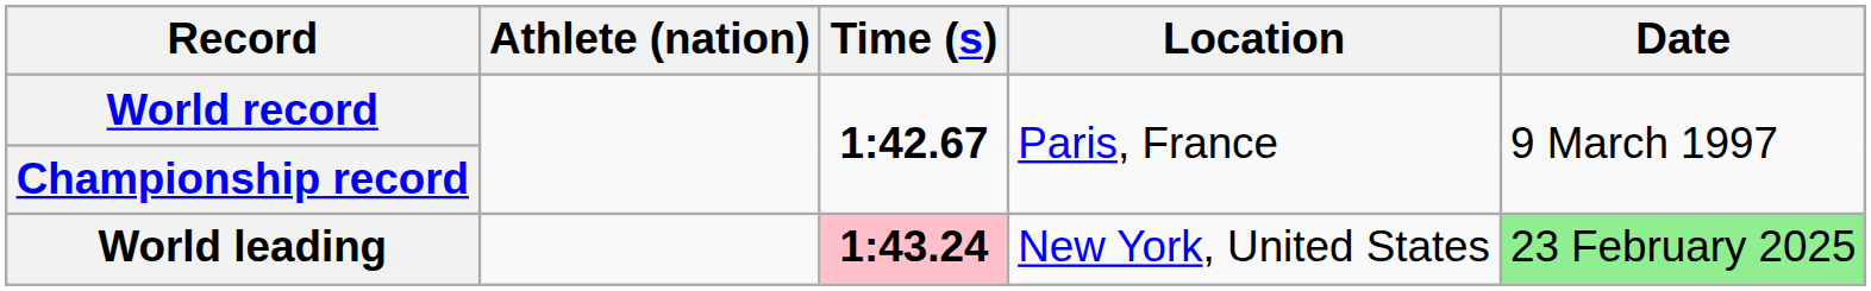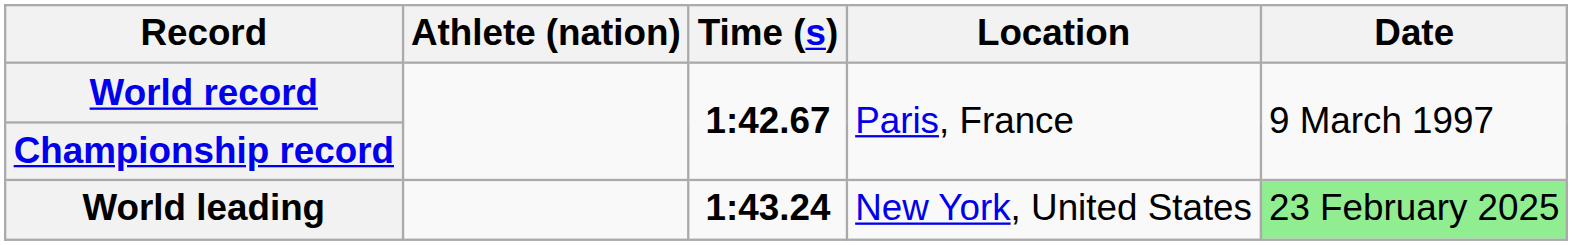 <table class="wikitable">
 <tr>
 <th scope="col">Record</th>
 <th scope="col">Athlete (nation)</th>
 <th scope="col">Time (<a href='#'>s</a>)</th>
 <th scope="col">Location</th>
 <th scope="col">Date</th>
 </tr>
 <tr>
 <th scope="row"><a href='#'>World record</a></th>
 <td rowspan="2"></td>
 <td rowspan="2" align="center"><strong>1:42.67 </strong></td>
 <td rowspan="2"><a href='#'>Paris</a>, France</td>
 <td rowspan="2">9 March 1997</td>
 </tr>
 <tr>
 <th scope="row"><a href='#'>Championship record</a></th>
 </tr>
 <tr>
 <th scope="row">World leading</th>
 <td></td>
-<td align="center" style="background: pink;"><strong> 	1:43.24 </strong></td>
+<td align="center"><strong> 	1:43.24 </strong></td>
 <td><a href='#'>New York</a>, United States</td>
 <td style="background: lightgreen;">23 February 2025</td>
 </tr>
 </table>
